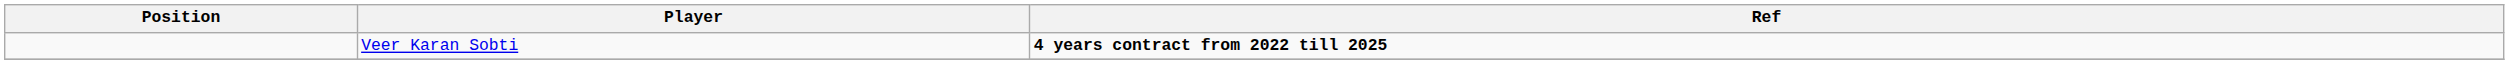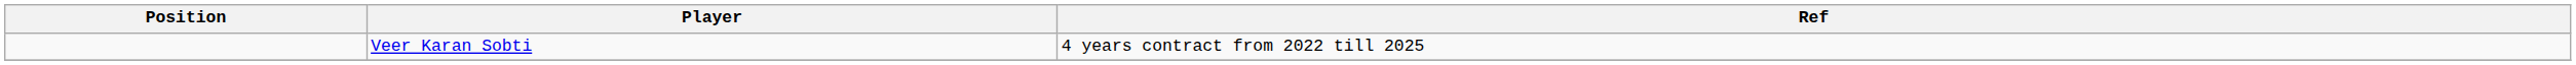 <table class="wikitable sortable" style="width:90%; text-align:center; font-size:90%; text-align:left;">
 <tr>
 <th>Position</th>
 <th>Player</th>
 <th>Ref</th>
 </tr>
 <tr>
 <td></td>
 <td> <a href='#'>Veer Karan Sobti</a></td>
-<td><strong>4 years contract from 2022 till 2025</strong></td>
+<td>4 years contract from 2022 till 2025</td>
 </tr>
 <tr>
 </tr>
 </table>
